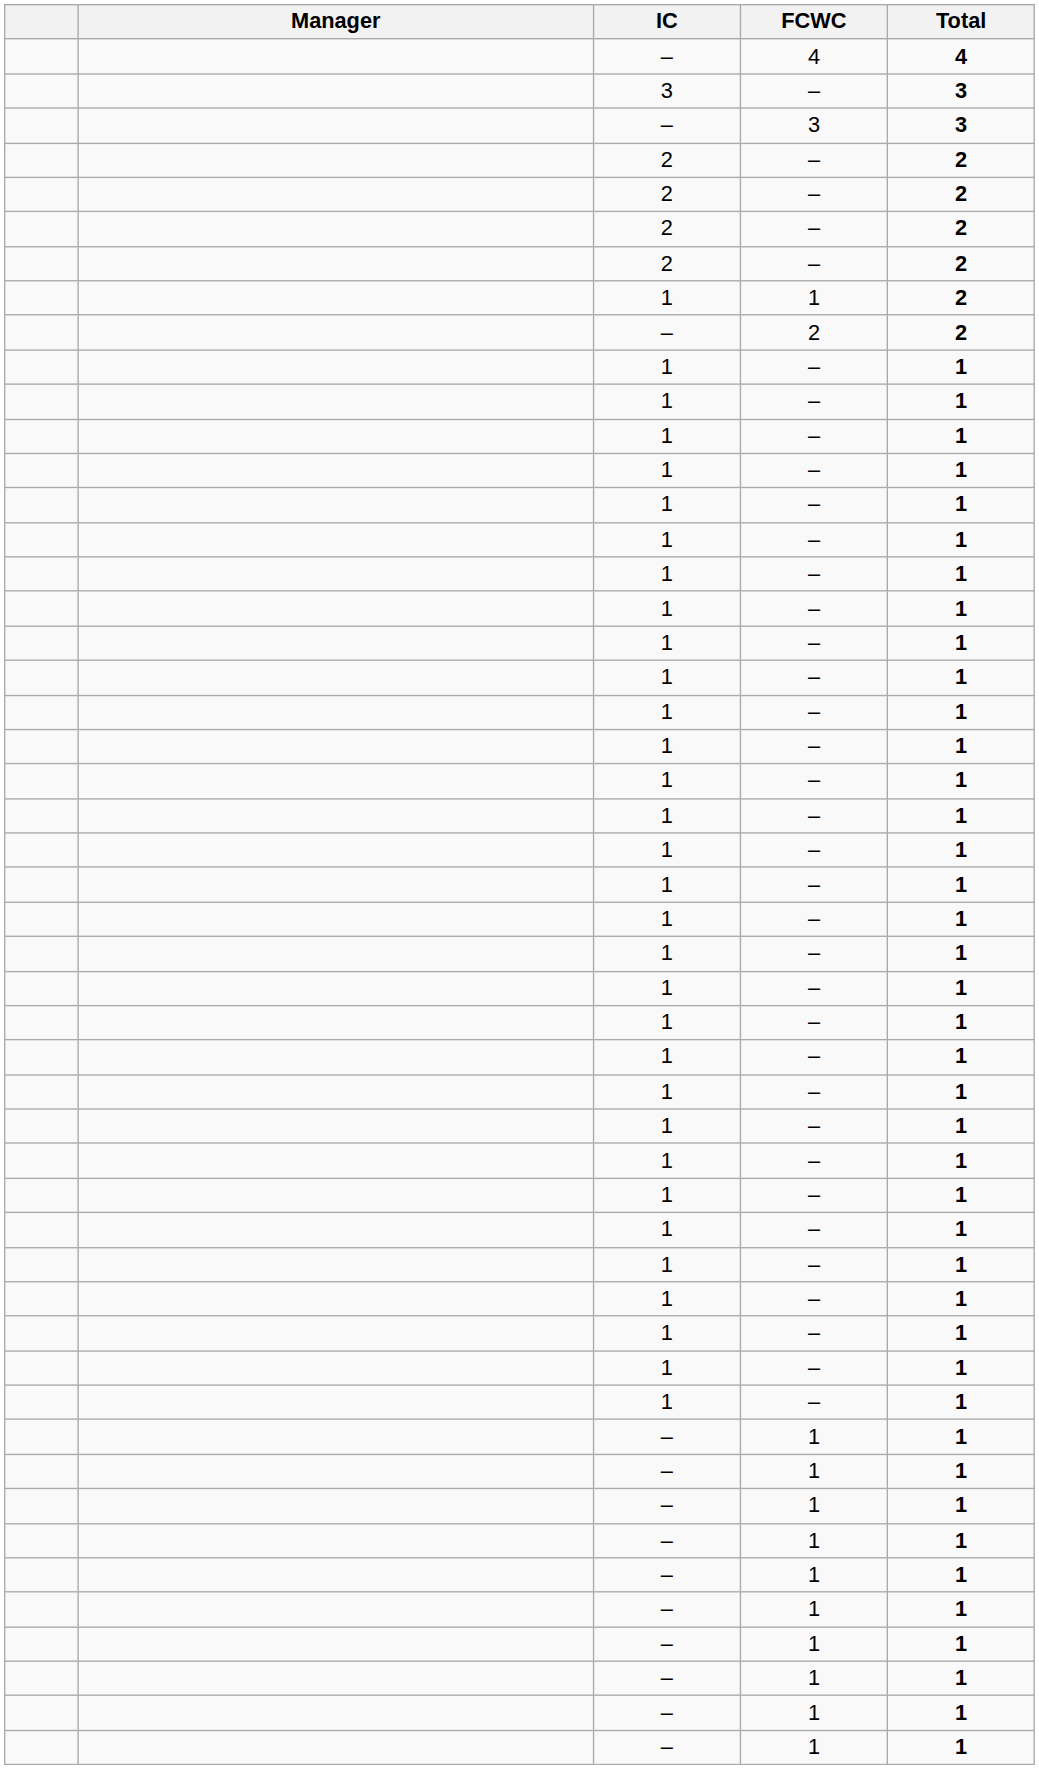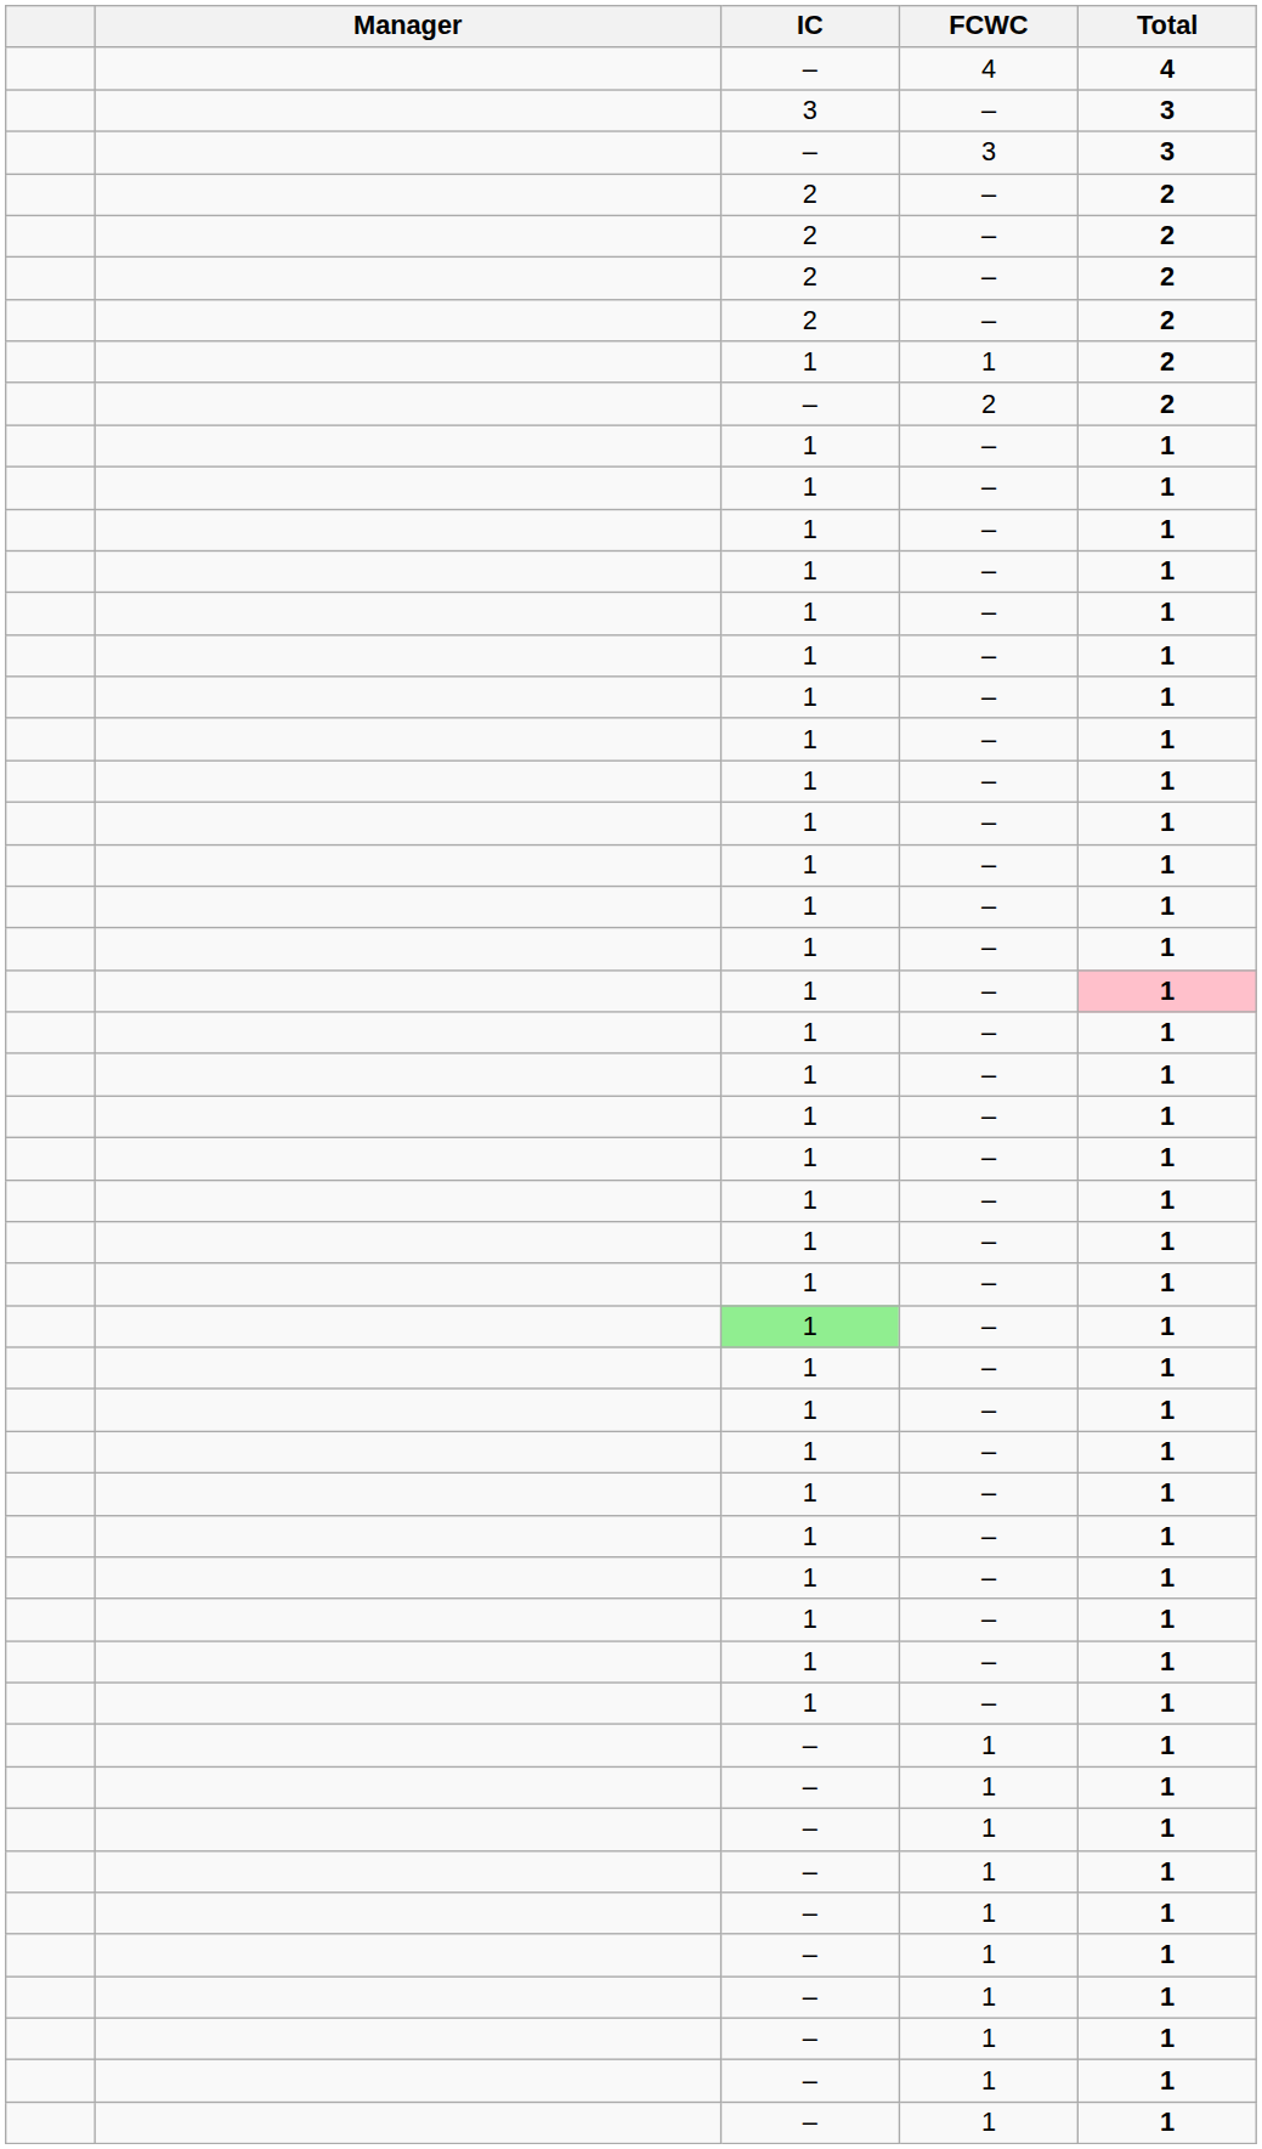 <table class="sortable wikitable" width=60%>
 <tr>
 <th width=5%></th>
 <th width=35%>Manager</th>
 <th width=10%>IC</th>
 <th width=10%>FCWC</th>
 <th width=10%>Total</th>
 </tr>
 <tr>
 <td></td>
 <td></td>
 <td align=center>–</td>
 <td align=center>4</td>
 <td align=center><strong>4</strong></td>
 </tr>
 <tr>
 <td></td>
 <td></td>
 <td align=center>3</td>
 <td align=center>–</td>
 <td align=center><strong>3</strong></td>
 </tr>
 <tr>
 <td></td>
 <td></td>
 <td align=center>–</td>
 <td align=center>3</td>
 <td align=center><strong>3</strong></td>
 </tr>
 <tr>
 <td></td>
 <td></td>
 <td align=center>2</td>
 <td align=center>–</td>
 <td align=center><strong>2</strong></td>
 </tr>
 <tr>
 <td></td>
 <td></td>
 <td align=center>2</td>
 <td align=center>–</td>
 <td align=center><strong>2</strong></td>
 </tr>
 <tr>
 <td></td>
 <td></td>
 <td align=center>2</td>
 <td align=center>–</td>
 <td align=center><strong>2</strong></td>
 </tr>
 <tr>
 <td></td>
 <td></td>
 <td align=center>2</td>
 <td align=center>–</td>
 <td align=center><strong>2</strong></td>
 </tr>
 <tr>
 <td></td>
 <td></td>
 <td align=center>1</td>
 <td align=center>1</td>
 <td align=center><strong>2</strong></td>
 </tr>
 <tr>
 <td></td>
 <td></td>
 <td align=center>–</td>
 <td align=center>2</td>
 <td align=center><strong>2</strong></td>
 </tr>
 <tr>
 <td></td>
 <td></td>
 <td align=center>1</td>
 <td align=center>–</td>
 <td align=center><strong>1</strong></td>
 </tr>
 <tr>
 <td></td>
 <td></td>
 <td align=center>1</td>
 <td align=center>–</td>
 <td align=center><strong>1</strong></td>
 </tr>
 <tr>
 <td></td>
 <td></td>
 <td align=center>1</td>
 <td align=center>–</td>
 <td align=center><strong>1</strong></td>
 </tr>
 <tr>
 <td></td>
 <td></td>
 <td align=center>1</td>
 <td align=center>–</td>
 <td align=center><strong>1</strong></td>
 </tr>
 <tr>
 <td></td>
 <td></td>
 <td align=center>1</td>
 <td align=center>–</td>
 <td align=center><strong>1</strong></td>
 </tr>
 <tr>
 <td></td>
 <td></td>
 <td align=center>1</td>
 <td align=center>–</td>
 <td align=center><strong>1</strong></td>
 </tr>
 <tr>
 <td></td>
 <td></td>
 <td align=center>1</td>
 <td align=center>–</td>
 <td align=center><strong>1</strong></td>
 </tr>
 <tr>
 <td></td>
 <td></td>
 <td align=center>1</td>
 <td align=center>–</td>
 <td align=center><strong>1</strong></td>
 </tr>
 <tr>
 <td></td>
 <td></td>
 <td align=center>1</td>
 <td align=center>–</td>
 <td align=center><strong>1</strong></td>
 </tr>
 <tr>
 <td></td>
 <td></td>
 <td align=center>1</td>
 <td align=center>–</td>
 <td align=center><strong>1</strong></td>
 </tr>
 <tr>
 <td></td>
 <td></td>
 <td align=center>1</td>
 <td align=center>–</td>
 <td align=center><strong>1</strong></td>
 </tr>
 <tr>
 <td></td>
 <td></td>
 <td align=center>1</td>
 <td align=center>–</td>
 <td align=center><strong>1</strong></td>
 </tr>
 <tr>
 <td></td>
 <td></td>
 <td align=center>1</td>
 <td align=center>–</td>
 <td align=center><strong>1</strong></td>
 </tr>
 <tr>
 <td></td>
 <td></td>
 <td align=center>1</td>
 <td align=center>–</td>
-<td align=center><strong>1</strong></td>
+<td align=center style="background: pink;"><strong>1</strong></td>
 </tr>
 <tr>
 <td></td>
 <td></td>
 <td align=center>1</td>
 <td align=center>–</td>
 <td align=center><strong>1</strong></td>
 </tr>
 <tr>
 <td></td>
 <td></td>
 <td align=center>1</td>
 <td align=center>–</td>
 <td align=center><strong>1</strong></td>
 </tr>
 <tr>
 <td></td>
 <td></td>
 <td align=center>1</td>
 <td align=center>–</td>
 <td align=center><strong>1</strong></td>
 </tr>
 <tr>
 <td></td>
 <td></td>
 <td align=center>1</td>
 <td align=center>–</td>
 <td align=center><strong>1</strong></td>
 </tr>
 <tr>
 <td></td>
 <td></td>
 <td align=center>1</td>
 <td align=center>–</td>
 <td align=center><strong>1</strong></td>
 </tr>
 <tr>
 <td></td>
 <td></td>
 <td align=center>1</td>
 <td align=center>–</td>
 <td align=center><strong>1</strong></td>
 </tr>
 <tr>
 <td></td>
 <td></td>
 <td align=center>1</td>
 <td align=center>–</td>
 <td align=center><strong>1</strong></td>
 </tr>
 <tr>
 <td></td>
 <td></td>
-<td align=center>1</td>
+<td align=center style="background: lightgreen;">1</td>
 <td align=center>–</td>
 <td align=center><strong>1</strong></td>
 </tr>
 <tr>
 <td></td>
 <td></td>
 <td align=center>1</td>
 <td align=center>–</td>
 <td align=center><strong>1</strong></td>
 </tr>
 <tr>
 <td></td>
 <td></td>
 <td align=center>1</td>
 <td align=center>–</td>
 <td align=center><strong>1</strong></td>
 </tr>
 <tr>
 <td></td>
 <td></td>
 <td align=center>1</td>
 <td align=center>–</td>
 <td align=center><strong>1</strong></td>
 </tr>
 <tr>
 <td></td>
 <td></td>
 <td align=center>1</td>
 <td align=center>–</td>
 <td align=center><strong>1</strong></td>
 </tr>
 <tr>
 <td></td>
 <td></td>
 <td align=center>1</td>
 <td align=center>–</td>
 <td align=center><strong>1</strong></td>
 </tr>
 <tr>
 <td></td>
 <td></td>
 <td align=center>1</td>
 <td align=center>–</td>
 <td align=center><strong>1</strong></td>
 </tr>
 <tr>
 <td></td>
 <td></td>
 <td align=center>1</td>
 <td align=center>–</td>
 <td align=center><strong>1</strong></td>
 </tr>
 <tr>
 <td></td>
 <td></td>
 <td align=center>1</td>
 <td align=center>–</td>
 <td align=center><strong>1</strong></td>
 </tr>
 <tr>
 <td></td>
 <td></td>
 <td align=center>1</td>
 <td align=center>–</td>
 <td align=center><strong>1</strong></td>
 </tr>
 <tr>
 <td></td>
 <td></td>
 <td align=center>–</td>
 <td align=center>1</td>
 <td align=center><strong>1</strong></td>
 </tr>
 <tr>
 <td></td>
 <td></td>
 <td align=center>–</td>
 <td align=center>1</td>
 <td align=center><strong>1</strong></td>
 </tr>
 <tr>
 <td></td>
 <td></td>
 <td align=center>–</td>
 <td align=center>1</td>
 <td align=center><strong>1</strong></td>
 </tr>
 <tr>
 <td></td>
 <td></td>
 <td align=center>–</td>
 <td align=center>1</td>
 <td align=center><strong>1</strong></td>
 </tr>
 <tr>
 <td></td>
 <td></td>
 <td align=center>–</td>
 <td align=center>1</td>
 <td align=center><strong>1</strong></td>
 </tr>
 <tr>
 <td></td>
 <td></td>
 <td align=center>–</td>
 <td align=center>1</td>
 <td align=center><strong>1</strong></td>
 </tr>
 <tr>
 <td></td>
 <td></td>
 <td align=center>–</td>
 <td align=center>1</td>
 <td align=center><strong>1</strong></td>
 </tr>
 <tr>
 <td></td>
 <td></td>
 <td align=center>–</td>
 <td align=center>1</td>
 <td align=center><strong>1</strong></td>
 </tr>
 <tr>
 <td></td>
 <td></td>
 <td align=center>–</td>
 <td align=center>1</td>
 <td align=center><strong>1</strong></td>
 </tr>
 <tr>
 <td></td>
 <td></td>
 <td align=center>–</td>
 <td align=center>1</td>
 <td align=center><strong>1</strong></td>
 </tr>
 </table>
